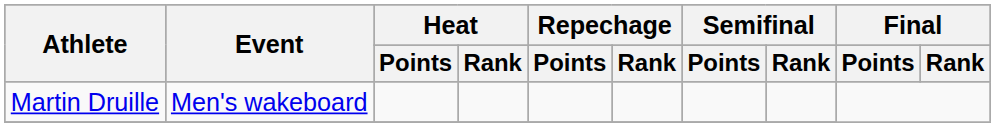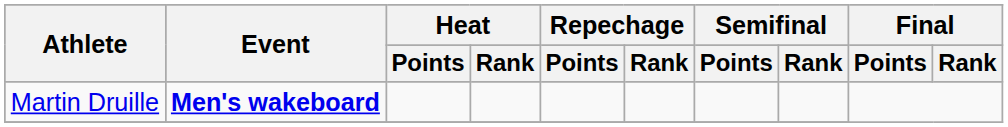 <table class=wikitable style=font-size:90%;text-align:center>
 <tr>
 <th rowspan=2>Athlete</th>
 <th rowspan=2>Event</th>
 <th colspan=2>Heat</th>
 <th colspan=2>Repechage</th>
 <th colspan=2>Semifinal</th>
 <th colspan=2>Final</th>
 </tr>
 <tr style=font-size:95%>
 <th>Points</th>
 <th>Rank</th>
 <th>Points</th>
 <th>Rank</th>
 <th>Points</th>
 <th>Rank</th>
 <th>Points</th>
 <th>Rank</th>
 </tr>
 <tr>
 <td align=left><a href='#'>Martin Druille</a></td>
-<td align=left><a href='#'>Men's wakeboard</a></td>
+<td align=left><strong><a href='#'>Men's wakeboard</a></strong></td>
 <td></td>
 <td></td>
 <td></td>
 <td></td>
 <td></td>
 <td></td>
 </tr>
 <tr>
 </tr>
 </table>
